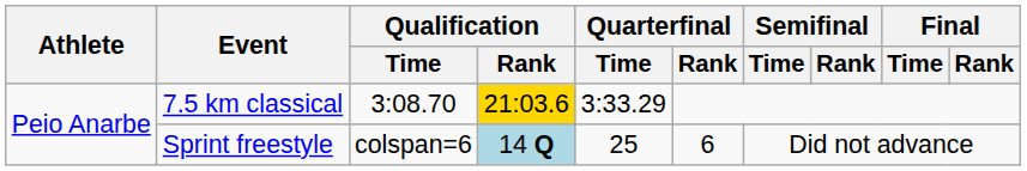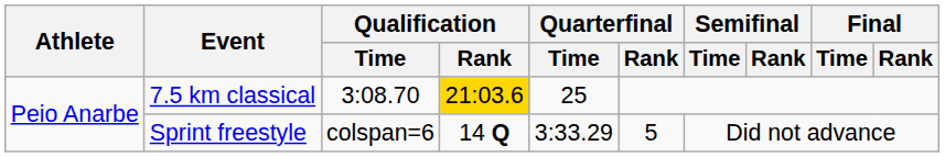 <table class="wikitable" style="font-size:90%">
 <tr>
 <th rowspan="2">Athlete</th>
 <th rowspan="2">Event</th>
 <th colspan="2">Qualification</th>
 <th colspan="2">Quarterfinal</th>
 <th colspan="2">Semifinal</th>
 <th colspan="2">Final</th>
 </tr>
 <tr style="font-size:95%">
 <th>Time</th>
 <th>Rank</th>
 <th>Time</th>
 <th>Rank</th>
 <th>Time</th>
 <th>Rank</th>
 <th>Time</th>
 <th>Rank</th>
 </tr>
 <tr align=center>
 <td align=left rowspan=2><a href='#'>Peio Anarbe</a></td>
 <td align=left><a href='#'>7.5 km classical</a></td>
 <td>3:08.70</td>
 <td style="background: gold;">21:03.6</td>
-<td>3:33.29</td>
+<td>25</td>
 </tr>
 <tr align=center>
 <td align=left><a href='#'>Sprint freestyle</a></td>
 <td>colspan=6</td>
-<td style="background: lightblue;">14 <strong>Q</strong></td>
-<td>25</td>
-<td>6</td>
+<td>14 <strong>Q</strong></td>
+<td>3:33.29</td>
+<td>5</td>
 <td colspan=4>Did not advance</td>
 </tr>
 </table>
